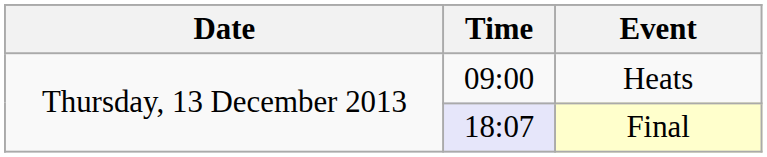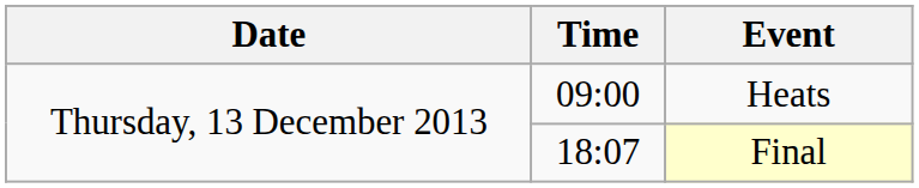 <table class = "wikitable" style="text-align:center;">
 <tr>
 <th width=220>Date</th>
 <th width=50>Time</th>
 <th width=100>Event</th>
 </tr>
 <tr>
 <td rowspan=2>Thursday, 13 December 2013</td>
 <td>09:00</td>
 <td>Heats</td>
 </tr>
 <tr>
-<td style="background: lavender;">18:07</td>
+<td>18:07</td>
 <td bgcolor=ffffcc>Final</td>
 </tr>
 </table>
